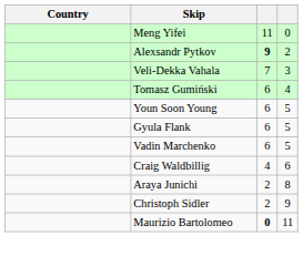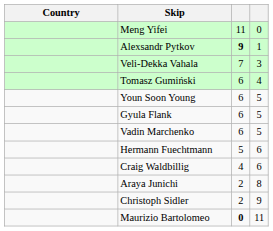 <table class=wikitable style="font-size:95%;text-align: center">
 <tr>
 <th width=160>Country</th>
 <th width=160>Skip</th>
 <th width=20></th>
 <th width=20></th>
 </tr>
 <tr style="background:#ccffcc;">
 <td style="text-align:left;"></td>
 <td style="text-align:left;">Meng Yifei</td>
 <td>11</td>
 <td>0</td>
 </tr>
 <tr style="background:#ccffcc">
 <td style="text-align:left;"></td>
 <td style="text-align:left;">Alexsandr Pytkov</td>
 <td><strong>9</strong></td>
-<td>2</td>
+<td>1</td>
 </tr>
 <tr style="background:#ccffcc;">
 <td style="text-align:left;"></td>
 <td style="text-align:left;">Veli-Dekka Vahala</td>
 <td>7</td>
 <td>3</td>
 </tr>
 <tr style="background:#ccffcc">
 <td style="text-align:left;"></td>
 <td style="text-align:left;">Tomasz Gumiński</td>
 <td>6</td>
 <td>4</td>
 </tr>
 <tr>
 <td style="text-align:left;"></td>
 <td style="text-align:left;">Youn Soon Young</td>
 <td>6</td>
 <td>5</td>
 </tr>
 <tr>
 <td style="text-align:left;"></td>
 <td style="text-align:left;">Gyula Flank</td>
 <td>6</td>
 <td>5</td>
 </tr>
 <tr>
 <td style="text-align:left;"></td>
 <td style="text-align:left;">Vadin Marchenko</td>
 <td>6</td>
 <td>5</td>
 </tr>
 <tr>
 <td style="text-align:left;"></td>
+<td style="text-align:left;">Hermann Fuechtmann</td>
+<td>5</td>
+<td>6</td>
+</tr>
+<tr>
+<td style="text-align:left;"></td>
 <td style="text-align:left;">Craig Waldbillig</td>
 <td>4</td>
 <td>6</td>
 </tr>
 <tr>
 <td style="text-align:left;"></td>
 <td style="text-align:left;">Araya Junichi</td>
 <td>2</td>
 <td>8</td>
 </tr>
 <tr>
 <td style="text-align:left;"></td>
 <td style="text-align:left;">Christoph Sidler</td>
 <td>2</td>
 <td>9</td>
 </tr>
 <tr>
 <td style="text-align:left;"></td>
 <td style="text-align:left;">Maurizio Bartolomeo</td>
 <td><strong>0</strong></td>
 <td>11</td>
 </tr>
 </table>
